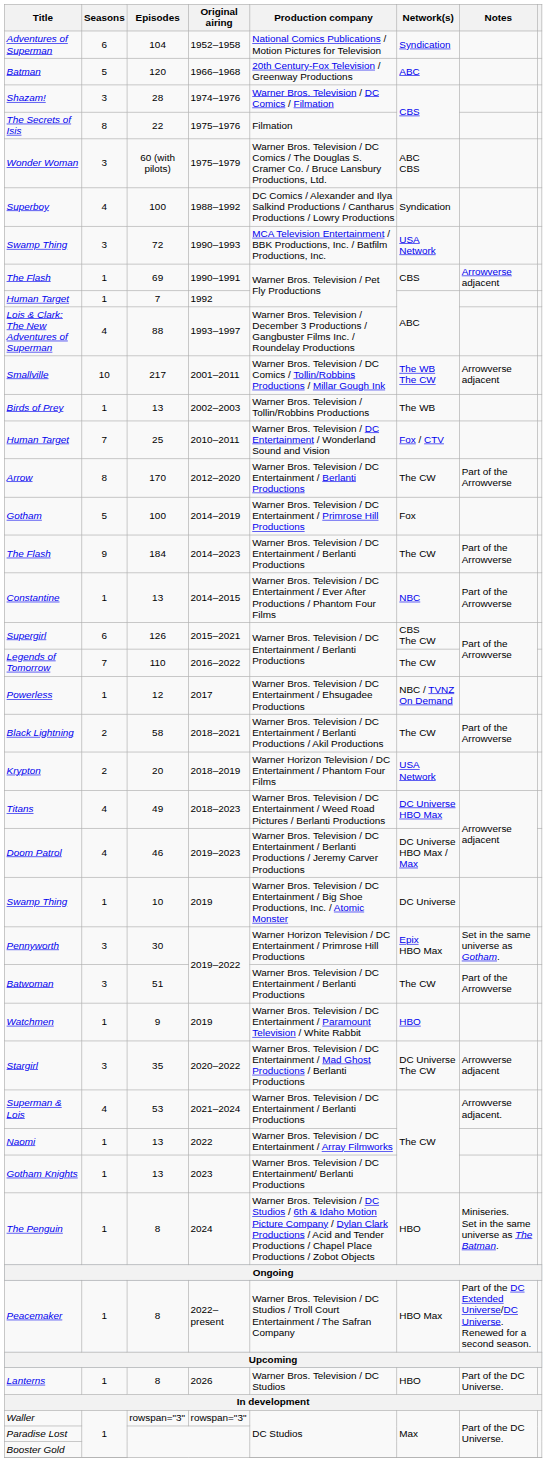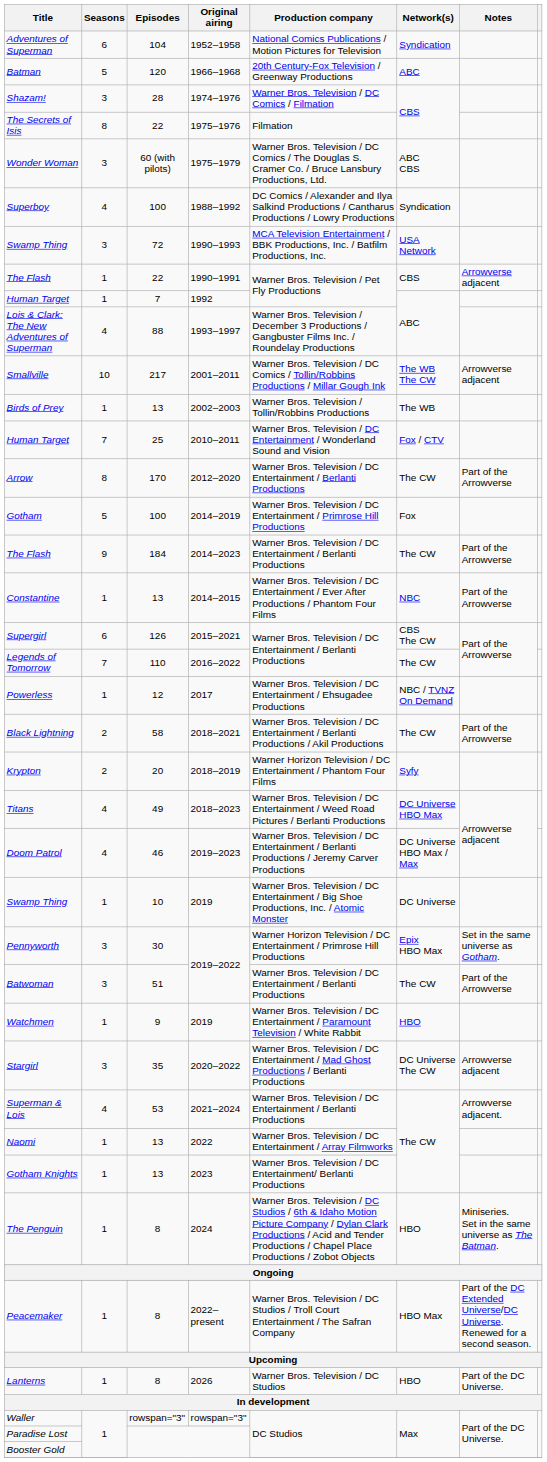 <table class="wikitable sortable">
 <tr>
 <th>Title</th>
 <th>Seasons</th>
 <th>Episodes</th>
 <th>Original airing</th>
 <th>Production company</th>
 <th>Network(s)</th>
 <th>Notes</th>
 <th></th>
 </tr>
 <tr>
 <td><em><a href='#'>Adventures of Superman</a></em></td>
 <td align="center">6</td>
 <td align="center">104</td>
 <td>1952–1958</td>
 <td><a href='#'>National Comics Publications</a> / Motion Pictures for Television</td>
 <td><a href='#'>Syndication</a></td>
 <td></td>
 <td></td>
 </tr>
 <tr>
 <td><em><a href='#'>Batman</a></em></td>
 <td align="center">5</td>
 <td align="center">120</td>
 <td>1966–1968</td>
 <td><a href='#'>20th Century-Fox Television</a> / Greenway Productions</td>
 <td><a href='#'>ABC</a></td>
 <td></td>
 <td></td>
 </tr>
 <tr>
 <td><em><a href='#'>Shazam!</a></em></td>
 <td align="center">3</td>
 <td align="center">28</td>
 <td>1974–1976</td>
 <td><a href='#'>Warner Bros. Television</a> / <a href='#'>DC Comics</a> / <a href='#'>Filmation</a></td>
 <td rowspan="2"><a href='#'>CBS</a></td>
 <td></td>
 <td></td>
 </tr>
 <tr>
 <td><em><a href='#'>The Secrets of Isis</a></em></td>
 <td align="center">8</td>
 <td align="center">22</td>
 <td>1975–1976</td>
 <td>Filmation</td>
 <td></td>
 <td></td>
 </tr>
 <tr>
 <td><em><a href='#'>Wonder Woman</a></em></td>
 <td align="center">3</td>
 <td align="center">60 (with pilots)</td>
 <td>1975–1979</td>
 <td>Warner Bros. Television / DC Comics / The Douglas S. Cramer Co. / Bruce Lansbury Productions, Ltd.</td>
 <td>ABC <br>CBS </td>
 <td></td>
 <td></td>
 </tr>
 <tr>
 <td><em><a href='#'>Superboy</a></em></td>
 <td align="center">4</td>
 <td align="center">100</td>
 <td>1988–1992</td>
 <td>DC Comics / Alexander and Ilya Salkind Productions / Cantharus Productions / Lowry Productions</td>
 <td>Syndication</td>
 <td></td>
 <td></td>
 </tr>
 <tr>
 <td><em><a href='#'>Swamp Thing</a></em></td>
 <td align="center">3</td>
 <td align="center">72</td>
 <td>1990–1993</td>
 <td><a href='#'>MCA Television Entertainment</a> / BBK Productions, Inc. / Batfilm Productions, Inc.</td>
 <td><a href='#'>USA Network</a></td>
 <td></td>
 <td></td>
 </tr>
 <tr>
 <td><em><a href='#'>The Flash</a></em></td>
 <td align="center">1</td>
-<td align="center">69</td>
+<td align="center">22</td>
 <td>1990–1991</td>
 <td rowspan="2">Warner Bros. Television / Pet Fly Productions</td>
 <td>CBS</td>
 <td><a href='#'>Arrowverse</a> adjacent</td>
 <td></td>
 </tr>
 <tr>
 <td><em><a href='#'>Human Target</a></em></td>
 <td align="center">1</td>
 <td align="center">7</td>
 <td>1992</td>
 <td rowspan="2">ABC</td>
 <td></td>
 <td></td>
 </tr>
 <tr>
 <td><em><a href='#'>Lois & Clark: The New Adventures of Superman</a></em></td>
 <td align="center">4</td>
 <td align="center">88</td>
 <td>1993–1997</td>
 <td>Warner Bros. Television / December 3 Productions / Gangbuster Films Inc. / Roundelay Productions</td>
 <td></td>
 <td></td>
 </tr>
 <tr>
 <td><em><a href='#'>Smallville</a></em></td>
 <td align="center">10</td>
 <td align="center">217</td>
 <td>2001–2011</td>
 <td>Warner Bros. Television / DC Comics / <a href='#'>Tollin/Robbins Productions</a> / <a href='#'>Millar Gough Ink</a></td>
 <td><a href='#'>The WB</a> <br><a href='#'>The CW</a> </td>
 <td>Arrowverse adjacent</td>
 <td></td>
 </tr>
 <tr>
 <td><em><a href='#'>Birds of Prey</a></em></td>
 <td align="center">1</td>
 <td align="center">13</td>
 <td>2002–2003</td>
 <td>Warner Bros. Television / Tollin/Robbins Productions</td>
 <td>The WB</td>
 <td></td>
 <td></td>
 </tr>
 <tr>
 <td><em><a href='#'>Human Target</a></em></td>
 <td align="center">7</td>
 <td align="center">25</td>
 <td>2010–2011</td>
 <td>Warner Bros. Television / <a href='#'>DC Entertainment</a> / Wonderland Sound and Vision</td>
 <td><a href='#'>Fox</a> / <a href='#'>CTV</a> </td>
 <td></td>
 <td></td>
 </tr>
 <tr>
 <td><em><a href='#'>Arrow</a></em></td>
 <td align="center">8</td>
 <td align="center">170</td>
 <td>2012–2020</td>
 <td>Warner Bros. Television / DC Entertainment / <a href='#'>Berlanti Productions</a></td>
 <td>The CW</td>
 <td>Part of the Arrowverse</td>
 <td></td>
 </tr>
 <tr>
 <td><em><a href='#'>Gotham</a></em></td>
 <td align="center">5</td>
 <td align="center">100</td>
 <td>2014–2019</td>
 <td>Warner Bros. Television / DC Entertainment / <a href='#'>Primrose Hill Productions</a></td>
 <td>Fox</td>
 <td></td>
 <td></td>
 </tr>
 <tr>
 <td><em><a href='#'>The Flash</a></em></td>
 <td align="center">9</td>
 <td align="center">184</td>
 <td>2014–2023</td>
 <td>Warner Bros. Television / DC Entertainment / Berlanti Productions</td>
 <td>The CW</td>
 <td>Part of the Arrowverse</td>
 <td></td>
 </tr>
 <tr>
 <td><em><a href='#'>Constantine</a></em></td>
 <td align="center">1</td>
 <td align="center">13</td>
 <td>2014–2015</td>
 <td>Warner Bros. Television / DC Entertainment / Ever After Productions / Phantom Four Films</td>
 <td><a href='#'>NBC</a></td>
 <td>Part of the Arrowverse</td>
 <td></td>
 </tr>
 <tr>
 <td><em><a href='#'>Supergirl</a></em></td>
 <td align="center">6</td>
 <td align="center">126</td>
 <td>2015–2021</td>
 <td rowspan="2">Warner Bros. Television / DC Entertainment / Berlanti Productions</td>
 <td>CBS <br>The CW </td>
 <td rowspan="2">Part of the Arrowverse</td>
 <td></td>
 </tr>
 <tr>
 <td><em><a href='#'>Legends of Tomorrow</a></em></td>
 <td align="center">7</td>
 <td align="center">110</td>
 <td>2016–2022</td>
 <td>The CW</td>
 <td></td>
 </tr>
 <tr>
 <td><em><a href='#'>Powerless</a></em></td>
 <td align="center">1</td>
 <td align="center">12</td>
 <td>2017</td>
 <td>Warner Bros. Television / DC Entertainment / Ehsugadee Productions</td>
 <td>NBC  / <a href='#'>TVNZ On Demand</a> </td>
 <td></td>
 <td></td>
 </tr>
 <tr>
 <td><em><a href='#'>Black Lightning</a></em></td>
 <td align="center">2</td>
 <td align="center">58</td>
 <td>2018–2021</td>
 <td>Warner Bros. Television / DC Entertainment / Berlanti Productions / Akil Productions</td>
 <td>The CW</td>
 <td>Part of the Arrowverse</td>
 <td></td>
 </tr>
 <tr>
 <td><em><a href='#'>Krypton</a></em></td>
 <td align="center">2</td>
 <td align="center">20</td>
 <td>2018–2019</td>
 <td>Warner Horizon Television / DC Entertainment / Phantom Four Films</td>
-<td><a href='#'>USA Network</a></td>
+<td><a href='#'>Syfy</a></td>
 <td></td>
 <td></td>
 </tr>
 <tr>
 <td><em><a href='#'>Titans</a></em></td>
 <td align="center">4</td>
 <td align="center">49</td>
 <td>2018–2023</td>
 <td>Warner Bros. Television / DC Entertainment / Weed Road Pictures / Berlanti Productions</td>
 <td><a href='#'>DC Universe</a> <br><a href='#'>HBO Max</a> </td>
 <td rowspan="2">Arrowverse adjacent</td>
 <td></td>
 </tr>
 <tr>
 <td><em><a href='#'>Doom Patrol</a></em></td>
 <td align="center">4</td>
 <td align="center">46</td>
 <td>2019–2023</td>
 <td>Warner Bros. Television / DC Entertainment / Berlanti Productions / Jeremy Carver Productions</td>
 <td>DC Universe <br>HBO Max / <a href='#'>Max</a> </td>
 <td></td>
 </tr>
 <tr>
 <td><em><a href='#'>Swamp Thing</a></em></td>
 <td align="center">1</td>
 <td align="center">10</td>
 <td>2019</td>
 <td>Warner Bros. Television / DC Entertainment / Big Shoe Productions, Inc. / <a href='#'>Atomic Monster</a></td>
 <td>DC Universe</td>
 <td></td>
 <td></td>
 </tr>
 <tr>
 <td><em><a href='#'>Pennyworth</a></em></td>
 <td align="center">3</td>
 <td align="center">30</td>
 <td rowspan="2">2019–2022</td>
 <td>Warner Horizon Television / DC Entertainment / Primrose Hill Productions</td>
 <td><a href='#'>Epix</a> <br>HBO Max </td>
 <td>Set in the same universe as <em><a href='#'>Gotham</a></em>.</td>
 <td></td>
 </tr>
 <tr>
 <td><em><a href='#'>Batwoman</a></em></td>
 <td align="center">3</td>
 <td align="center">51</td>
 <td>Warner Bros. Television / DC Entertainment / Berlanti Productions</td>
 <td>The CW</td>
 <td>Part of the Arrowverse</td>
 <td></td>
 </tr>
 <tr>
 <td><em><a href='#'>Watchmen</a></em></td>
 <td align="center">1</td>
 <td align="center">9</td>
 <td>2019</td>
 <td>Warner Bros. Television / DC Entertainment / <a href='#'>Paramount Television</a> / White Rabbit</td>
 <td><a href='#'>HBO</a></td>
 <td></td>
 <td></td>
 </tr>
 <tr>
 <td><em><a href='#'>Stargirl</a></em></td>
 <td align="center">3</td>
 <td align="center">35</td>
 <td>2020–2022</td>
 <td>Warner Bros. Television / DC Entertainment / <a href='#'>Mad Ghost Productions</a> / Berlanti Productions</td>
 <td>DC Universe <br>The CW </td>
 <td>Arrowverse adjacent</td>
 <td></td>
 </tr>
 <tr>
 <td><em><a href='#'>Superman & Lois</a></em></td>
 <td align="center">4</td>
 <td align="center">53</td>
 <td>2021–2024</td>
 <td>Warner Bros. Television / DC Entertainment / Berlanti Productions</td>
 <td rowspan="3">The CW</td>
 <td>Arrowverse adjacent.</td>
 <td></td>
 </tr>
 <tr>
 <td><em><a href='#'>Naomi</a></em></td>
 <td align="center">1</td>
 <td align="center">13</td>
 <td>2022</td>
 <td>Warner Bros. Television / DC Entertainment / <a href='#'>Array Filmworks</a></td>
 <td></td>
 <td></td>
 </tr>
 <tr>
 <td><em><a href='#'>Gotham Knights</a></em></td>
 <td align="center">1</td>
 <td align="center">13</td>
 <td>2023</td>
 <td>Warner Bros. Television / DC Entertainment/ Berlanti Productions</td>
 <td></td>
 <td></td>
 </tr>
 <tr>
 <td><em><a href='#'>The Penguin</a></em></td>
 <td align="center">1</td>
 <td align="center">8</td>
 <td>2024</td>
 <td>Warner Bros. Television / <a href='#'>DC Studios</a> / <a href='#'>6th & Idaho Motion Picture Company</a> / <a href='#'>Dylan Clark Productions</a> / Acid and Tender Productions / Chapel Place Productions / Zobot Objects</td>
 <td>HBO</td>
 <td>Miniseries.<br>Set in the same universe as <em><a href='#'>The Batman</a></em>.</td>
 <td></td>
 </tr>
 <tr style="background:#b0c4de;">
 <th colspan="8">Ongoing</th>
 </tr>
 <tr>
 <td><em><a href='#'>Peacemaker</a></em></td>
 <td align="center">1</td>
 <td align="center">8</td>
 <td>2022–present</td>
 <td>Warner Bros. Television / DC Studios  / Troll Court Entertainment / The Safran Company</td>
 <td>HBO Max </td>
 <td>Part of the <a href='#'>DC Extended Universe</a>/<a href='#'>DC Universe</a>.<br>Renewed for a second season.</td>
 <td></td>
 </tr>
 <tr style="background:#b0c4de;">
 <th colspan="8">Upcoming</th>
 </tr>
 <tr>
 <td><em><a href='#'>Lanterns</a></em></td>
 <td align="center">1</td>
 <td align="center">8</td>
 <td>2026</td>
 <td>Warner Bros. Television / DC Studios</td>
 <td>HBO</td>
 <td>Part of the DC Universe.</td>
 <td></td>
 </tr>
 <tr>
 <th colspan="8">In development</th>
 </tr>
 <tr>
 <td><em>Waller</em></td>
 <td rowspan="3" align="center">1</td>
 <td>rowspan="3" </td>
 <td>rowspan="3" </td>
 <td rowspan="3">DC Studios</td>
 <td rowspan="3">Max</td>
 <td rowspan="3">Part of the DC Universe.</td>
 <td rowspan="3"></td>
 </tr>
 <tr>
 <td><em>Paradise Lost</em></td>
 </tr>
 <tr>
 <td><em>Booster Gold</em></td>
 </tr>
 <tr>
 </tr>
 </table>
